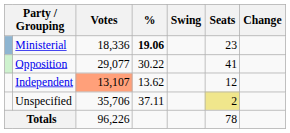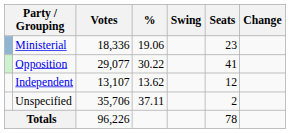 <table class="wikitable" style="text-align:right; margin-bottom:0">
 <tr>
 <th style="width:10px;" colspan=3>Party / Grouping</th>
 <th style="width:70px;">Votes</th>
 <th style="width:40px;">%</th>
 <th style="width:40px;">Swing</th>
 <th style="width:40px;">Seats</th>
 <th style="width:40px;">Change</th>
 </tr>
 <tr>
 <td style="text-align:left;background:#8EB5D1"> </td>
 <td style="text-align:left;" colspan="2"><a href='#'>Ministerial</a></td>
 <td style="width:70px;">18,336</td>
-<td style="width:40px;"><strong>19.06</strong></td>
+<td style="width:40px;">19.06</td>
 <td style="width:45px;"></td>
 <td style="width:40px;">23</td>
 <td style="width:55px;"></td>
 </tr>
 <tr>
 <td style="text-align:left;background:#CEF2CE"> </td>
 <td style="text-align:left;" colspan="2"><a href='#'>Opposition</a></td>
 <td style="width:70px;">29,077</td>
 <td style="width:40px;">30.22</td>
 <td style="width:45px;"></td>
 <td style="width:40px;">41</td>
 <td style="width:55px;"></td>
 </tr>
 <tr>
 <td> </td>
 <td style="text-align:left;" colspan="2"><a href='#'>Independent</a></td>
-<td style="background: lightsalmon; width:70px;">13,107</td>
+<td style="width:70px;">13,107</td>
 <td style="width:40px;">13.62</td>
 <td style="width:45px;"></td>
 <td style="width:40px;">12</td>
 <td style="width:55px;"></td>
 </tr>
 <tr>
 <td> </td>
 <td style="text-align:left;" colspan="2">Unspecified</td>
 <td style="width:70px;">35,706</td>
 <td style="width:40px;">37.11</td>
 <td style="width:45px;"></td>
-<td style="background: khaki; width:40px;">2</td>
+<td style="width:40px;">2</td>
 <td style="width:55px;"></td>
 </tr>
 <tr>
 <th colspan="3"> Totals</th>
 <td>96,226</td>
 <td></td>
 <td></td>
 <td>78</td>
 <td></td>
 </tr>
 </table>
